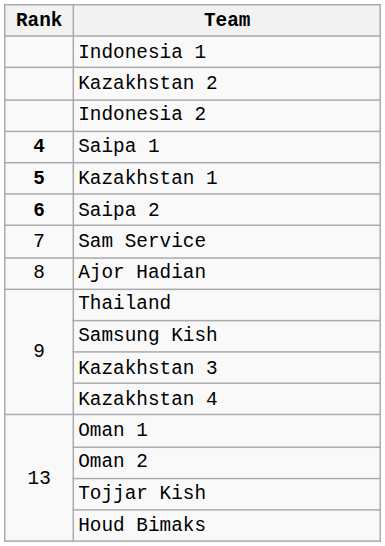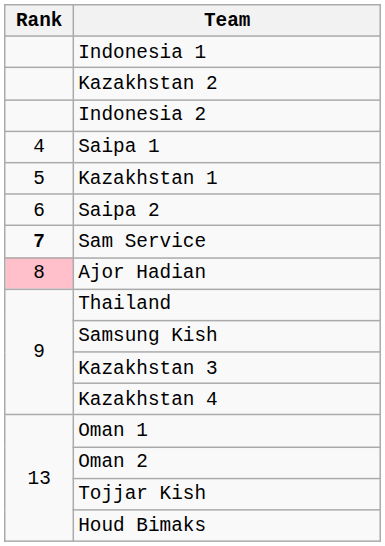 <table class="wikitable" style="text-align: center;">
 <tr>
 <th width=40>Rank</th>
 <th width=200>Team</th>
 </tr>
 <tr>
 <td></td>
 <td align="left"> Indonesia 1</td>
 </tr>
 <tr>
 <td></td>
 <td align="left"> Kazakhstan 2</td>
 </tr>
 <tr>
 <td></td>
 <td align="left"> Indonesia 2</td>
 </tr>
 <tr>
-<td><strong>4</strong></td>
+<td>4</td>
 <td align="left"> Saipa 1</td>
 </tr>
 <tr>
-<td><strong>5</strong></td>
+<td>5</td>
 <td align="left"> Kazakhstan 1</td>
 </tr>
 <tr>
-<td><strong>6</strong></td>
+<td>6</td>
 <td align="left"> Saipa 2</td>
 </tr>
 <tr>
-<td>7</td>
+<td><strong>7</strong></td>
 <td align="left"> Sam Service</td>
 </tr>
 <tr>
-<td>8</td>
+<td style="background: pink;">8</td>
 <td align="left"> Ajor Hadian</td>
 </tr>
 <tr>
 <td rowspan=4>9</td>
 <td align="left"> Thailand</td>
 </tr>
 <tr>
 <td align="left"> Samsung Kish</td>
 </tr>
 <tr>
 <td align="left"> Kazakhstan 3</td>
 </tr>
 <tr>
 <td align="left"> Kazakhstan 4</td>
 </tr>
 <tr>
 <td rowspan=4>13</td>
 <td align="left"> Oman 1</td>
 </tr>
 <tr>
 <td align="left"> Oman 2</td>
 </tr>
 <tr>
 <td align="left"> Tojjar Kish</td>
 </tr>
 <tr>
 <td align="left"> Houd Bimaks</td>
 </tr>
 </table>
